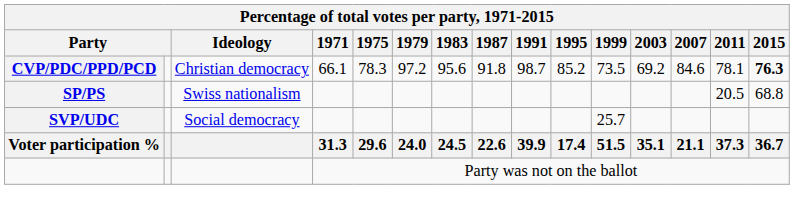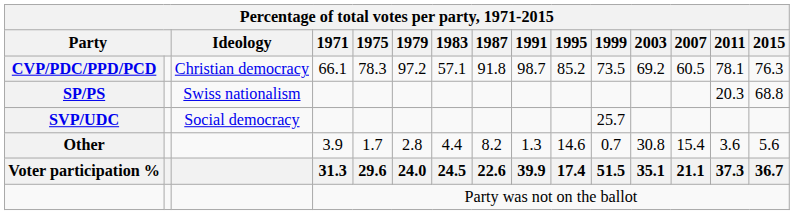 <table class="wikitable sortable collapsible collapsed" style="text-align: center">
 <tr>
 <th colspan=15>Percentage of total votes per party, 1971-2015</th>
 </tr>
 <tr>
 <th colspan="2">Party</th>
 <th class="unsortable">Ideology</th>
 <th>1971</th>
 <th>1975</th>
 <th>1979</th>
 <th>1983</th>
 <th>1987</th>
 <th>1991</th>
 <th>1995</th>
 <th>1999</th>
 <th>2003</th>
 <th>2007</th>
 <th>2011</th>
 <th>2015</th>
 </tr>
 <tr>
 <th><a href='#'>CVP/PDC/PPD/PCD</a></th>
 <td></td>
 <td><a href='#'>Christian democracy</a></td>
 <td>66.1</td>
 <td>78.3</td>
 <td>97.2</td>
-<td>95.6</td>
+<td>57.1</td>
 <td>91.8</td>
 <td>98.7</td>
 <td>85.2</td>
 <td>73.5</td>
 <td>69.2</td>
-<td>84.6</td>
+<td>60.5</td>
 <td>78.1</td>
-<td><strong>76.3</strong></td>
+<td>76.3</td>
 </tr>
 <tr>
 <th><a href='#'>SP/PS</a></th>
 <td></td>
 <td><a href='#'>Swiss nationalism</a></td>
 <td></td>
 <td></td>
 <td></td>
 <td></td>
 <td></td>
 <td></td>
 <td></td>
 <td></td>
 <td></td>
 <td></td>
-<td>20.5</td>
+<td>20.3</td>
 <td>68.8</td>
 </tr>
 <tr>
 <th><a href='#'>SVP/UDC</a></th>
 <td></td>
 <td><a href='#'>Social democracy</a></td>
 <td></td>
 <td></td>
 <td></td>
 <td></td>
 <td></td>
 <td></td>
 <td></td>
 <td>25.7</td>
 <td></td>
 <td></td>
 <td></td>
 <td></td>
+</tr>
+<tr>
+<th>Other</th>
+<td></td>
+<td></td>
+<td>3.9</td>
+<td>1.7</td>
+<td>2.8</td>
+<td>4.4</td>
+<td>8.2</td>
+<td>1.3</td>
+<td>14.6</td>
+<td>0.7</td>
+<td>30.8</td>
+<td>15.4</td>
+<td>3.6</td>
+<td>5.6</td>
 </tr>
 <tr>
 <th>Voter participation %</th>
 <th></th>
 <th></th>
 <th>31.3</th>
 <th>29.6</th>
 <th>24.0</th>
 <th>24.5</th>
 <th>22.6</th>
 <th>39.9</th>
 <th>17.4</th>
 <th>51.5</th>
 <th>35.1</th>
 <th>21.1</th>
 <th>37.3</th>
 <th>36.7</th>
 </tr>
 <tr>
 <td></td>
 <td></td>
 <td></td>
 <td colspan=12> Party was not on the ballot</td>
 </tr>
 </table>
